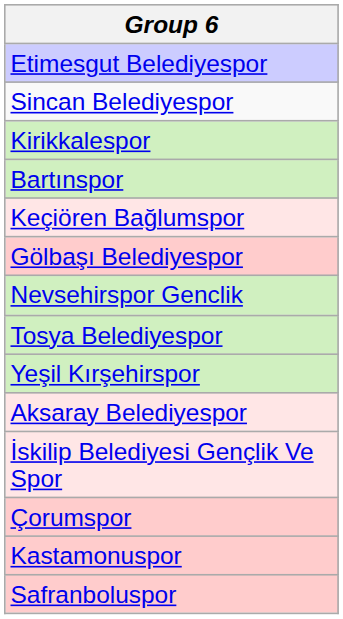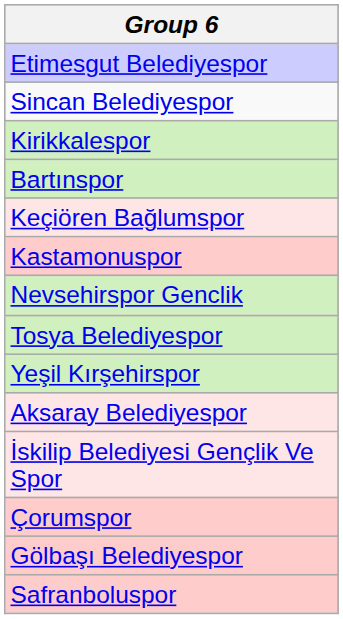 <table class="wikitable collapsible collapsed" style="font-size:95%;">
 <tr>
 <th colspan="1" width="200"><em>Group 6</em></th>
 </tr>
 <tr>
 <td style="background:#ccccff;"><a href='#'>Etimesgut Belediyespor</a></td>
 </tr>
 <tr>
 <td><a href='#'>Sincan Belediyespor</a></td>
 </tr>
 <tr>
 <td style="background:#D0F0C0;"><a href='#'>Kirikkalespor</a></td>
 </tr>
 <tr>
 <td style="background:#D0F0C0;"><a href='#'>Bartınspor</a></td>
 </tr>
 <tr>
 <td style="background:#FFE6E6;"><a href='#'>Keçiören Bağlumspor</a></td>
 </tr>
 <tr>
-<td style="background:#fcc;"><a href='#'>Gölbaşı Belediyespor</a></td>
+<td style="background:#fcc;"><a href='#'>Kastamonuspor</a></td>
 </tr>
 <tr>
 <td style="background:#D0F0C0;"><a href='#'>Nevsehirspor Genclik</a></td>
 </tr>
 <tr>
 <td style="background:#D0F0C0;"><a href='#'>Tosya Belediyespor</a></td>
 </tr>
 <tr>
 <td style="background:#D0F0C0;"><a href='#'>Yeşil Kırşehirspor</a></td>
 </tr>
 <tr>
 <td style="background:#FFE6E6;"><a href='#'>Aksaray Belediyespor</a></td>
 </tr>
 <tr>
 <td style="background:#FFE6E6;"><a href='#'>İskilip Belediyesi Gençlik Ve Spor</a></td>
 </tr>
 <tr>
 <td style="background:#fcc;"><a href='#'>Çorumspor</a></td>
 </tr>
 <tr>
-<td style="background:#fcc;"><a href='#'>Kastamonuspor</a></td>
+<td style="background:#fcc;"><a href='#'>Gölbaşı Belediyespor</a></td>
 </tr>
 <tr>
 <td style="background:#fcc;"><a href='#'>Safranboluspor</a></td>
 </tr>
 </table>
